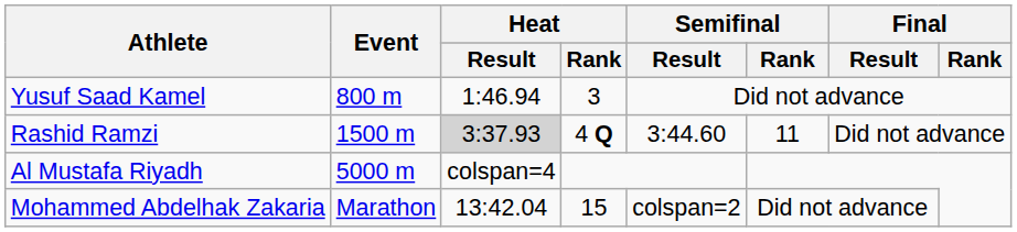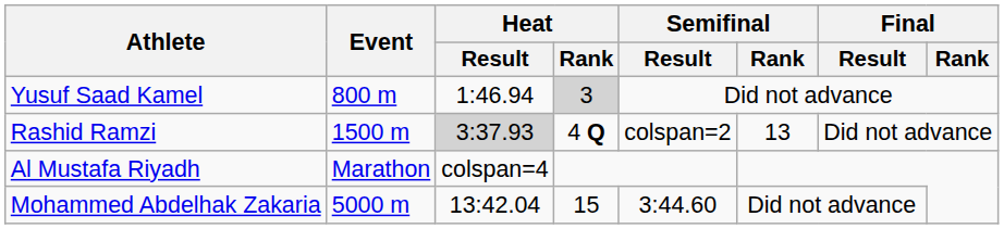 <table class=wikitable style="font-size:90%">
 <tr>
 <th rowspan="2">Athlete</th>
 <th rowspan="2">Event</th>
 <th colspan="2">Heat</th>
 <th colspan="2">Semifinal</th>
 <th colspan="2">Final</th>
 </tr>
 <tr style="font-size:95%">
 <th>Result</th>
 <th>Rank</th>
 <th>Result</th>
 <th>Rank</th>
 <th>Result</th>
 <th>Rank</th>
 </tr>
 <tr align=center>
 <td align=left><a href='#'>Yusuf Saad Kamel</a></td>
 <td align=left><a href='#'>800 m</a></td>
 <td>1:46.94</td>
-<td>3</td>
+<td style="background: lightgrey;">3</td>
 <td colspan=4>Did not advance</td>
 </tr>
 <tr align=center>
 <td align=left><a href='#'>Rashid Ramzi</a></td>
 <td align=left><a href='#'>1500 m</a></td>
 <td style="background: lightgrey;">3:37.93</td>
 <td>4 <strong>Q</strong></td>
-<td>3:44.60</td>
-<td>11</td>
+<td>colspan=2 </td>
+<td>13</td>
 <td colspan=2>Did not advance</td>
 </tr>
 <tr align=center>
 <td align=left><a href='#'>Al Mustafa Riyadh</a></td>
-<td align=left><a href='#'>5000 m</a></td>
+<td align=left><a href='#'>Marathon</a></td>
 <td>colspan=4 </td>
 <td colspan=2></td>
 </tr>
 <tr align=center>
 <td align=left><a href='#'>Mohammed Abdelhak Zakaria</a></td>
-<td align=left><a href='#'>Marathon</a></td>
+<td align=left><a href='#'>5000 m</a></td>
 <td>13:42.04</td>
 <td>15</td>
-<td>colspan=2 </td>
+<td>3:44.60</td>
 <td colspan=2>Did not advance</td>
 </tr>
 </table>
